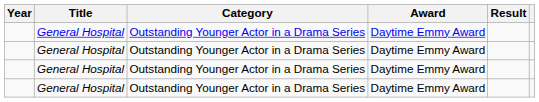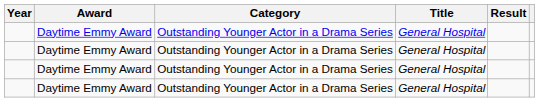 <table class="wikitable sortable plainrowheaders">
 <tr>
 <th scope="col">Year</th>
+<th scope="col">Award</th>
+<th scope="col">Category</th>
 <th scope="col">Title</th>
-<th scope="col">Category</th>
-<th scope="col">Award</th>
 <th scope="col">Result</th>
 <th scope="col" class="unsortable"></th>
 </tr>
 <tr>
 <td></td>
+<td><a href='#'>Daytime Emmy Award</a></td>
+<td><a href='#'>Outstanding Younger Actor in a Drama Series</a></td>
 <td><em><a href='#'>General Hospital</a></em></td>
-<td><a href='#'>Outstanding Younger Actor in a Drama Series</a></td>
-<td><a href='#'>Daytime Emmy Award</a></td>
 <td></td>
 <td></td>
 </tr>
 <tr>
 <td></td>
+<td>Daytime Emmy Award</td>
+<td>Outstanding Younger Actor in a Drama Series</td>
 <td><em>General Hospital</em></td>
-<td>Outstanding Younger Actor in a Drama Series</td>
-<td>Daytime Emmy Award</td>
 <td></td>
 <td></td>
 </tr>
 <tr>
 <td></td>
+<td>Daytime Emmy Award</td>
+<td>Outstanding Younger Actor in a Drama Series</td>
 <td><em>General Hospital</em></td>
-<td>Outstanding Younger Actor in a Drama Series</td>
-<td>Daytime Emmy Award</td>
 <td></td>
 <td></td>
 </tr>
 <tr>
 <td></td>
+<td>Daytime Emmy Award</td>
+<td>Outstanding Younger Actor in a Drama Series</td>
 <td><em>General Hospital</em></td>
-<td>Outstanding Younger Actor in a Drama Series</td>
-<td>Daytime Emmy Award</td>
 <td></td>
 <td></td>
 </tr>
 </table>
